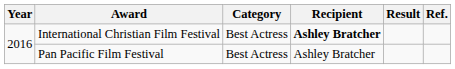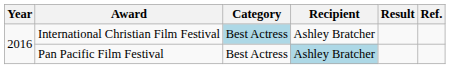 <table class="wikitable">
 <tr>
 <th>Year</th>
 <th>Award</th>
 <th>Category</th>
 <th>Recipient</th>
 <th>Result</th>
 <th>Ref.</th>
 </tr>
 <tr>
 <td rowspan=2>2016</td>
 <td>International Christian Film Festival</td>
-<td>Best Actress</td>
-<td><strong>Ashley Bratcher</strong></td>
+<td style="background: lightblue;">Best Actress</td>
+<td>Ashley Bratcher</td>
 <td></td>
 <td></td>
 </tr>
 <tr>
 <td>Pan Pacific Film Festival</td>
 <td>Best Actress</td>
-<td>Ashley Bratcher</td>
+<td style="background: lightblue;">Ashley Bratcher</td>
 <td></td>
 <td></td>
 </tr>
 </table>
